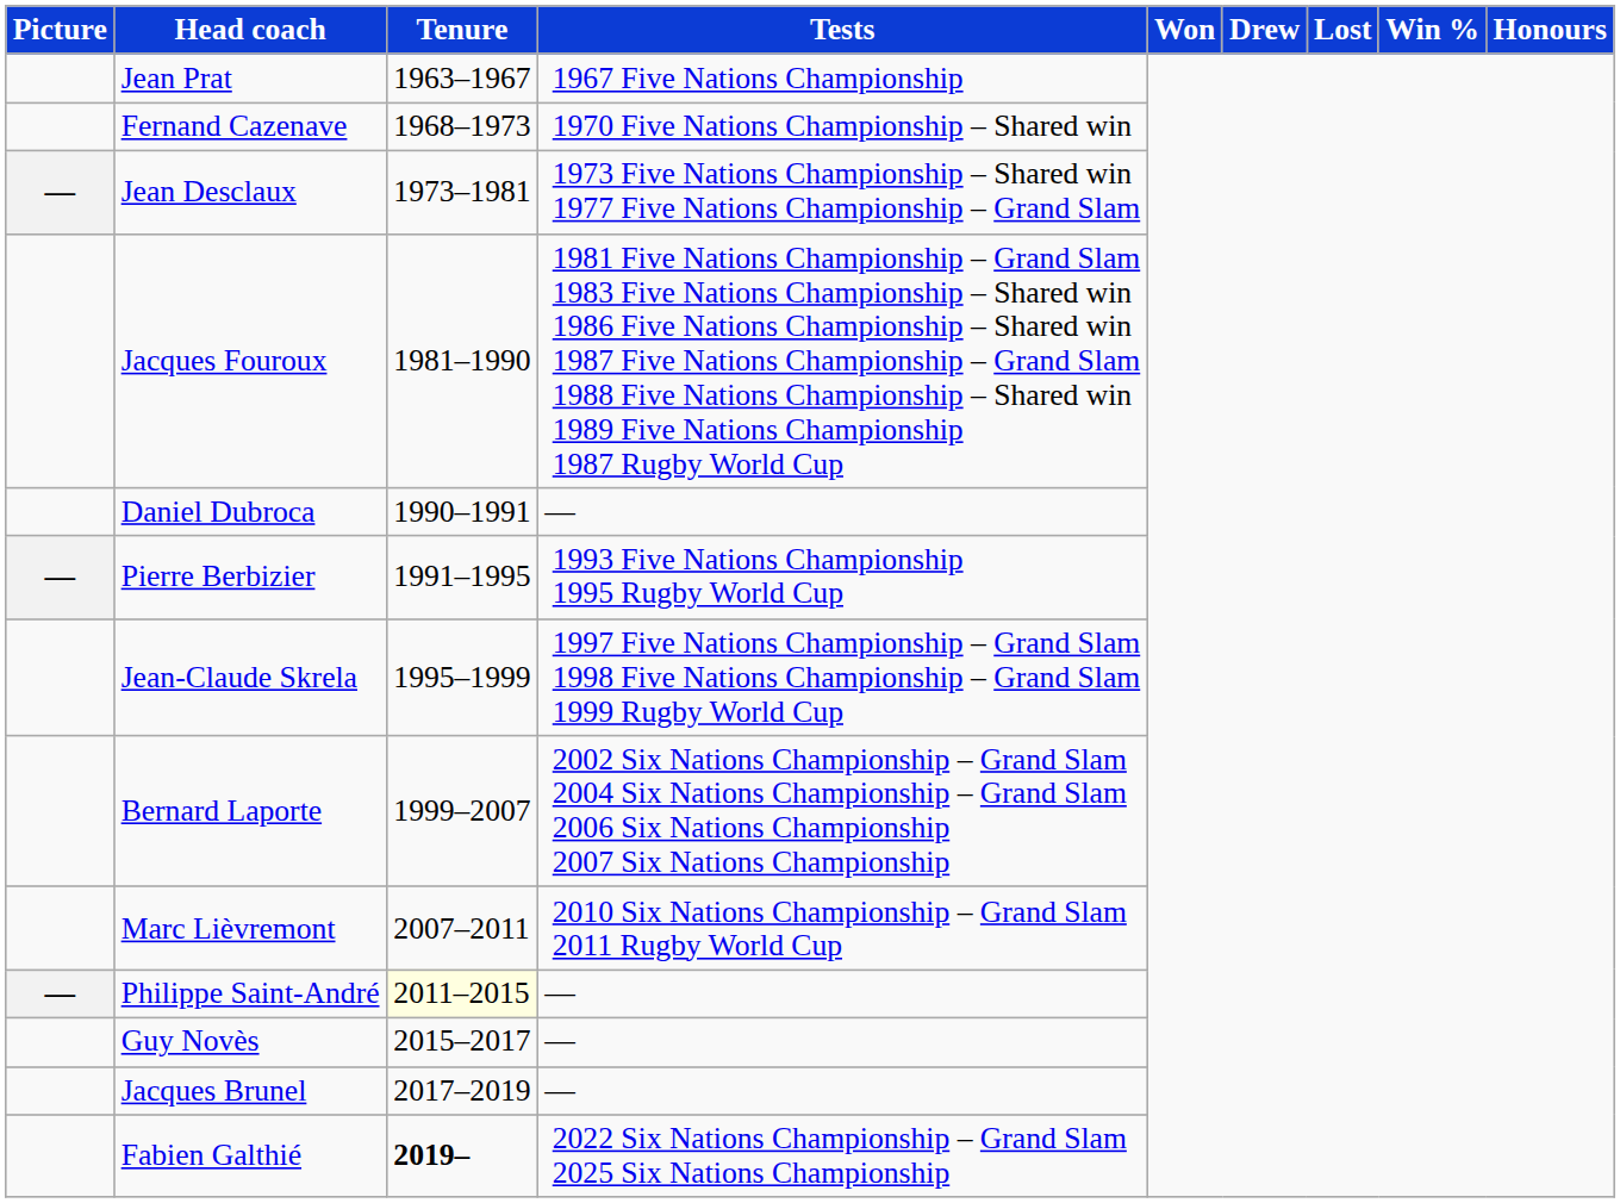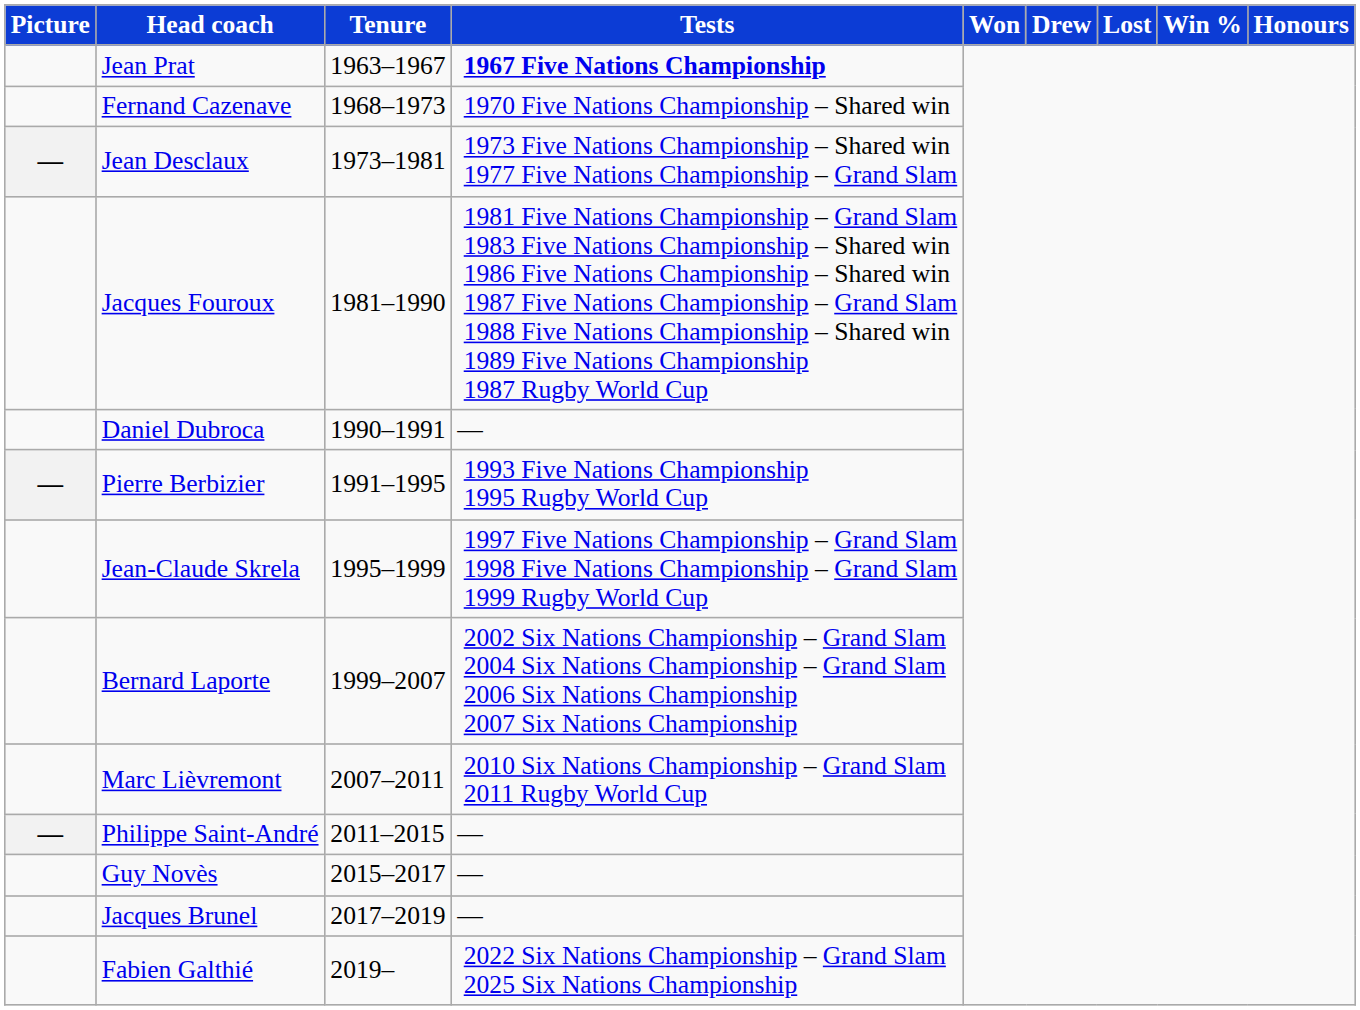 <table class="sortable wikitable">
 <tr>
 <th class="unsortable" style="background:#0C3CD5; color:#FFFFFF; ">Picture</th>
 <th class="unsortable" style="background:#0C3CD5; color:#FFFFFF; ">Head coach</th>
 <th style="background:#0C3CD5; color:#FFFFFF; ">Tenure</th>
 <th style="background:#0C3CD5; color:#FFFFFF; ">Tests</th>
 <th style="background:#0C3CD5; color:#FFFFFF; ">Won</th>
 <th style="background:#0C3CD5; color:#FFFFFF; ">Drew</th>
 <th style="background:#0C3CD5; color:#FFFFFF; ">Lost</th>
 <th style="background:#0C3CD5; color:#FFFFFF; ">Win %</th>
 <th class="unsortable" style="background:#0C3CD5; color:#FFFFFF; ">Honours</th>
 </tr>
 <tr>
 <td></td>
 <td> <a href='#'>Jean Prat</a></td>
 <td>1963–1967<br></td>
-<td> <a href='#'>1967 Five Nations Championship</a></td>
+<td><strong> <a href='#'>1967 Five Nations Championship</a></strong></td>
 </tr>
 <tr>
 <td></td>
 <td> <a href='#'>Fernand Cazenave</a></td>
 <td>1968–1973<br></td>
 <td> <a href='#'>1970 Five Nations Championship</a> – Shared win</td>
 </tr>
 <tr>
 <th>—</th>
 <td> <a href='#'>Jean Desclaux</a></td>
 <td>1973–1981<br></td>
 <td> <a href='#'>1973 Five Nations Championship</a> – Shared win<br> <a href='#'>1977 Five Nations Championship</a> – <a href='#'>Grand Slam</a></td>
 </tr>
 <tr>
 <td></td>
 <td> <a href='#'>Jacques Fouroux</a></td>
 <td>1981–1990<br></td>
 <td> <a href='#'>1981 Five Nations Championship</a> – <a href='#'>Grand Slam</a><br> <a href='#'>1983 Five Nations Championship</a> – Shared win<br> <a href='#'>1986 Five Nations Championship</a> – Shared win<br> <a href='#'>1987 Five Nations Championship</a> – <a href='#'>Grand Slam</a><br> <a href='#'>1988 Five Nations Championship</a> – Shared win<br> <a href='#'>1989 Five Nations Championship</a><br> <a href='#'>1987 Rugby World Cup</a></td>
 </tr>
 <tr>
 <td></td>
 <td> <a href='#'>Daniel Dubroca</a></td>
 <td>1990–1991<br></td>
 <td>—</td>
 </tr>
 <tr>
 <th>—</th>
 <td> <a href='#'>Pierre Berbizier</a></td>
 <td>1991–1995<br></td>
 <td> <a href='#'>1993 Five Nations Championship</a><br> <a href='#'>1995 Rugby World Cup</a></td>
 </tr>
 <tr>
 <td></td>
 <td> <a href='#'>Jean-Claude Skrela</a></td>
 <td>1995–1999<br></td>
 <td> <a href='#'>1997 Five Nations Championship</a> – <a href='#'>Grand Slam</a><br> <a href='#'>1998 Five Nations Championship</a> – <a href='#'>Grand Slam</a><br> <a href='#'>1999 Rugby World Cup</a></td>
 </tr>
 <tr>
 <td></td>
 <td> <a href='#'>Bernard Laporte</a></td>
 <td>1999–2007<br></td>
 <td> <a href='#'>2002 Six Nations Championship</a> – <a href='#'>Grand Slam</a><br> <a href='#'>2004 Six Nations Championship</a> – <a href='#'>Grand Slam</a><br> <a href='#'>2006 Six Nations Championship</a><br> <a href='#'>2007 Six Nations Championship</a></td>
 </tr>
 <tr>
 <td></td>
 <td> <a href='#'>Marc Lièvremont</a></td>
 <td>2007–2011<br></td>
 <td> <a href='#'>2010 Six Nations Championship</a> – <a href='#'>Grand Slam</a><br> <a href='#'>2011 Rugby World Cup</a></td>
 </tr>
 <tr>
 <th>—</th>
 <td> <a href='#'>Philippe Saint-André</a></td>
-<td style="background: lightyellow;">2011–2015<br></td>
+<td>2011–2015<br></td>
 <td>—</td>
 </tr>
 <tr>
 <td></td>
 <td> <a href='#'>Guy Novès</a></td>
 <td>2015–2017<br></td>
 <td>—</td>
 </tr>
 <tr>
 <td></td>
 <td> <a href='#'>Jacques Brunel</a></td>
 <td>2017–2019<br></td>
 <td>—</td>
 </tr>
 <tr>
 <td></td>
 <td> <a href='#'>Fabien Galthié</a></td>
-<td><strong>2019–<br></strong></td>
+<td>2019–<br></td>
 <td> <a href='#'>2022 Six Nations Championship</a> – <a href='#'>Grand Slam</a><br> <a href='#'>2025 Six Nations Championship</a></td>
 </tr>
 </table>
